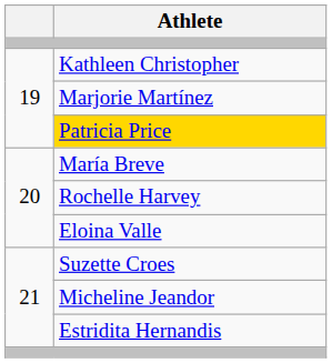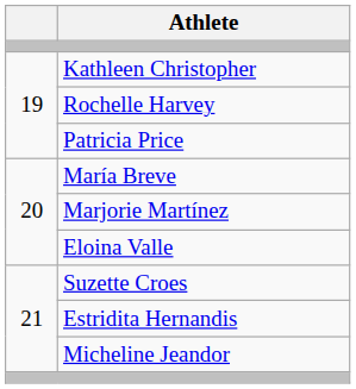 <table class="wikitable">
 <tr>
 <th width="30"></th>
 <th width="200">Athlete</th>
 </tr>
 <tr bgcolor="C0C0C0">
 <td colspan=2></td>
 </tr>
 <tr>
 <td align="center" rowspan=3>19</td>
 <td> <a href='#'>Kathleen Christopher</a></td>
 </tr>
 <tr>
-<td> <a href='#'>Marjorie Martínez</a></td>
+<td> <a href='#'>Rochelle Harvey</a></td>
 </tr>
 <tr>
-<td style="background: gold;"> <a href='#'>Patricia Price</a></td>
+<td> <a href='#'>Patricia Price</a></td>
 </tr>
 <tr>
 <td align="center" rowspan=3>20</td>
 <td> <a href='#'>María Breve</a></td>
 </tr>
 <tr>
-<td> <a href='#'>Rochelle Harvey</a></td>
+<td> <a href='#'>Marjorie Martínez</a></td>
 </tr>
 <tr>
 <td> <a href='#'>Eloina Valle</a></td>
 </tr>
 <tr>
 <td align="center" rowspan=3>21</td>
 <td> <a href='#'>Suzette Croes</a></td>
 </tr>
 <tr>
-<td> <a href='#'>Micheline Jeandor</a></td>
+<td> <a href='#'>Estridita Hernandis</a></td>
 </tr>
 <tr>
-<td> <a href='#'>Estridita Hernandis</a></td>
+<td> <a href='#'>Micheline Jeandor</a></td>
 </tr>
 <tr bgcolor="C0C0C0">
 <td colspan=2></td>
 </tr>
 </table>
